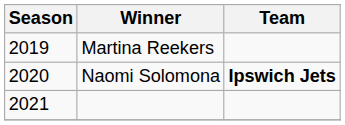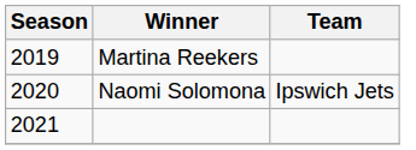 <table class="wikitable collapsible">
 <tr>
 <th>Season</th>
 <th>Winner</th>
 <th>Team</th>
 </tr>
 <tr>
 <td>2019</td>
 <td>Martina Reekers</td>
 <td></td>
 </tr>
 <tr>
 <td>2020</td>
 <td>Naomi Solomona</td>
-<td><strong>Ipswich Jets</strong></td>
+<td>Ipswich Jets</td>
 </tr>
 <tr>
 <td>2021</td>
 <td></td>
 <td></td>
 </tr>
 <tr>
 </tr>
 </table>
